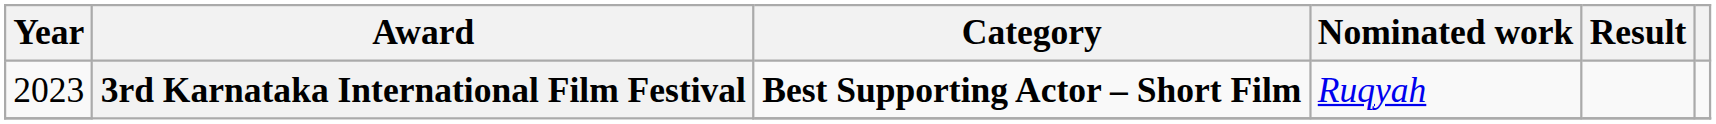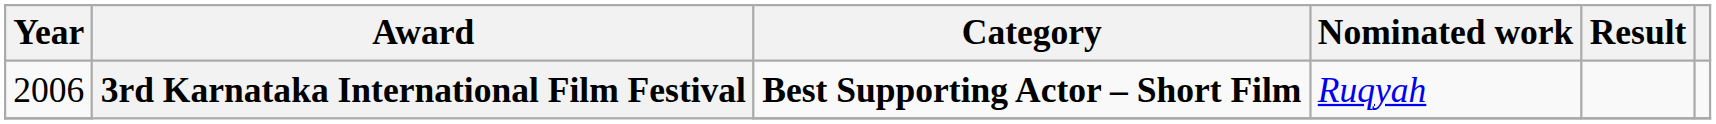 <table class="wikitable plainrowheaders sortable">
 <tr>
 <th scope="col">Year</th>
 <th scope="col">Award</th>
 <th scope="col">Category</th>
 <th scope="col">Nominated work</th>
 <th scope="col">Result</th>
 <th scope="col" class="unsortable"></th>
 </tr>
 <tr>
-<td>2023</td>
+<td>2006</td>
 <th scope="row" rowspan="3">3rd Karnataka International Film Festival</th>
 <td><strong>Best Supporting Actor – Short Film</strong></td>
 <td><em><a href='#'>Ruqyah</a></em></td>
 <td></td>
 <td style="text-align:center;"></td>
 </tr>
 <tr>
 </tr>
 </table>
